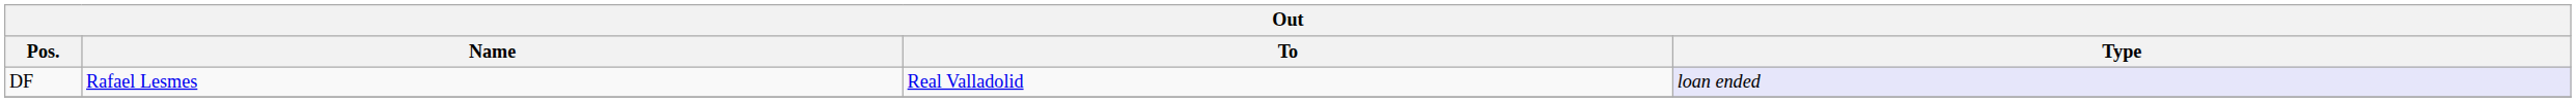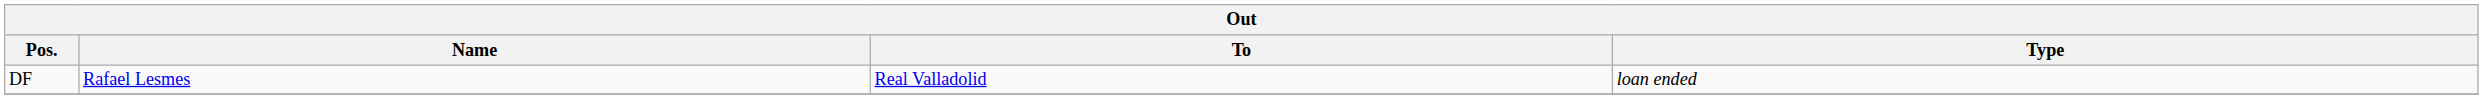 <table class="wikitable" style="font-size:90%;width:99%;">
 <tr>
 <th colspan="4">Out</th>
 </tr>
 <tr>
 <th width=3%>Pos.</th>
 <th width=32%>Name</th>
 <th width=30%>To</th>
 <th width=35%>Type</th>
 </tr>
 <tr>
 <td>DF</td>
 <td><a href='#'>Rafael Lesmes</a></td>
 <td><a href='#'>Real Valladolid</a></td>
-<td style="background: lavender;"><em>loan ended</em></td>
+<td><em>loan ended</em></td>
 </tr>
 <tr>
 </tr>
 </table>
